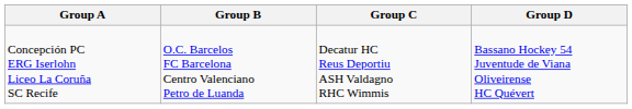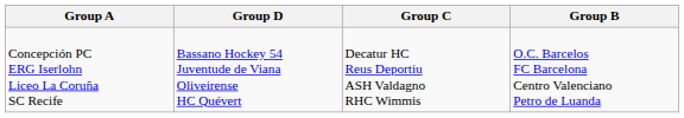 <table class="wikitable" style="font-size:90%">
 <tr>
 <th width=175px>Group A</th>
+<th width=175px>Group D</th>
+<th width=175px>Group C</th>
 <th width=175px>Group B</th>
-<th width=175px>Group C</th>
-<th width=175px>Group D</th>
 </tr>
 <tr>
 <td><br> Concepción PC<br>  <a href='#'>ERG Iserlohn</a><br>  <a href='#'>Liceo La Coruña</a><br>  SC Recife</td>
+<td><br> <a href='#'>Bassano Hockey 54</a><br>  <a href='#'>Juventude de Viana</a><br>  <a href='#'>Oliveirense</a><br>  <a href='#'>HC Quévert</a></td>
+<td><br> Decatur HC<br>  <a href='#'>Reus Deportiu</a><br>  ASH Valdagno<br>  RHC Wimmis</td>
 <td><br> <a href='#'>O.C. Barcelos</a><br>  <a href='#'>FC Barcelona</a><br>  Centro Valenciano<br>  <a href='#'>Petro de Luanda</a></td>
-<td><br> Decatur HC<br>  <a href='#'>Reus Deportiu</a><br>  ASH Valdagno<br>  RHC Wimmis</td>
-<td><br> <a href='#'>Bassano Hockey 54</a><br>  <a href='#'>Juventude de Viana</a><br>  <a href='#'>Oliveirense</a><br>  <a href='#'>HC Quévert</a></td>
 </tr>
 </table>
